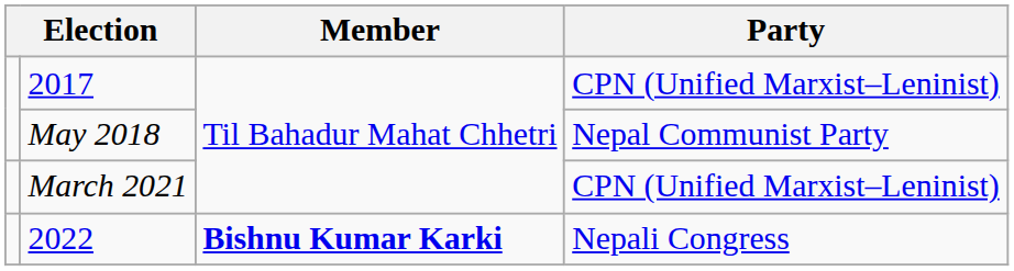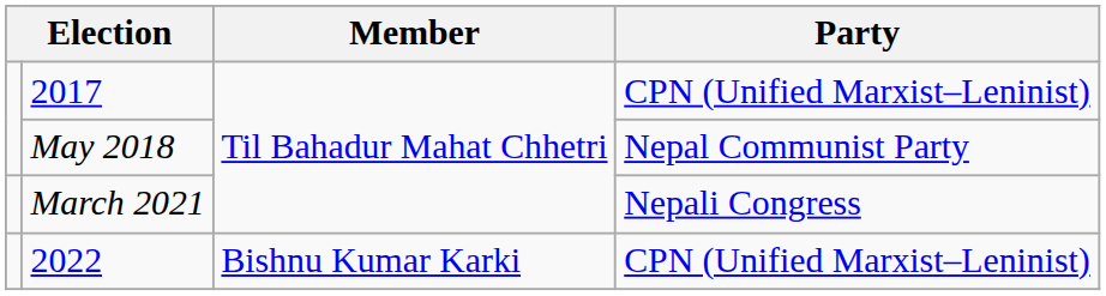 <table class="wikitable">
 <tr>
 <th colspan="2">Election</th>
 <th>Member</th>
 <th>Party</th>
 </tr>
 <tr>
 <td rowspan="2" style="background-color:"></td>
 <td><a href='#'>2017</a></td>
 <td rowspan="3"><a href='#'>Til Bahadur Mahat Chhetri</a></td>
 <td><a href='#'>CPN (Unified Marxist–Leninist)</a></td>
 </tr>
 <tr>
 <td><em>May 2018</em></td>
 <td><a href='#'>Nepal Communist Party</a></td>
 </tr>
 <tr>
 <td></td>
 <td><em>March 2021</em></td>
-<td><a href='#'>CPN (Unified Marxist–Leninist)</a></td>
+<td><a href='#'>Nepali Congress</a></td>
 </tr>
 <tr>
 <td></td>
 <td><a href='#'>2022</a></td>
-<td><strong><a href='#'>Bishnu Kumar Karki</a></strong></td>
-<td><a href='#'>Nepali Congress</a></td>
+<td><a href='#'>Bishnu Kumar Karki</a></td>
+<td><a href='#'>CPN (Unified Marxist–Leninist)</a></td>
 </tr>
 </table>
